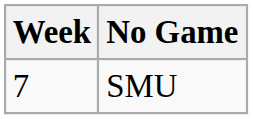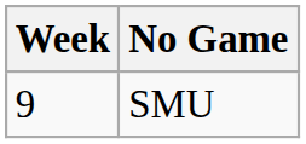 <table class="wikitable" style="font-size:95%">
 <tr>
 <th>Week</th>
 <th colspan="10">No Game</th>
 </tr>
 <tr>
-<td>7</td>
+<td>9</td>
 <td>SMU</td>
 </tr>
 </table>
